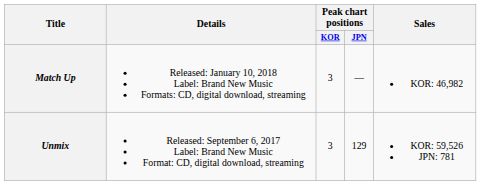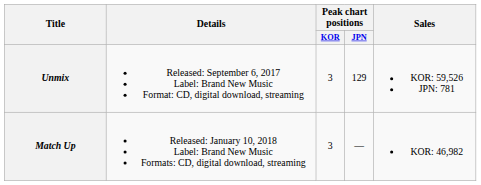 <table class="wikitable plainrowheaders" style="text-align:center;">
 <tr>
 <th scope="col" rowspan="2" style="width:10em;">Title</th>
 <th scope="col" rowspan="2" style="width:21em;">Details</th>
 <th scope="col" colspan="2">Peak chart<br>positions</th>
 <th scope="col" rowspan="2" style="width:10em;">Sales</th>
 </tr>
 <tr>
 <th scope="col" style="width:3em;font-size:85%;"><a href='#'>KOR</a><br></th>
 <th scope="col" style="width:3em;font-size:85%;"><a href='#'>JPN</a><br></th>
 </tr>
 <tr>
+<th scope="row"><em>Unmix</em> </th>
+<td><br><ul><li>Released: September 6, 2017</li><li>Label: Brand New Music</li><li>Format: CD, digital download, streaming</li></ul></td>
+<td>3</td>
+<td>129</td>
+<td><br><ul><li>KOR: 59,526</li><li>JPN: 781</li></ul></td>
+</tr>
+<tr>
 <th scope="row"><em>Match Up</em></th>
 <td><br><ul><li>Released: January 10, 2018</li><li>Label: Brand New Music</li><li>Formats: CD, digital download, streaming</li></ul></td>
 <td>3</td>
 <td>—</td>
 <td><br><ul><li>KOR: 46,982</li></ul></td>
 </tr>
-<tr>
-<th scope="row"><em>Unmix</em> </th>
-<td><br><ul><li>Released: September 6, 2017</li><li>Label: Brand New Music</li><li>Format: CD, digital download, streaming</li></ul></td>
-<td>3</td>
-<td>129</td>
-<td><br><ul><li>KOR: 59,526</li><li>JPN: 781</li></ul></td>
-</tr>
 </table>
